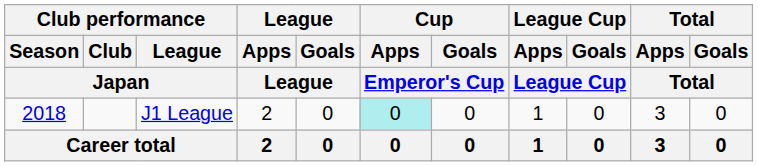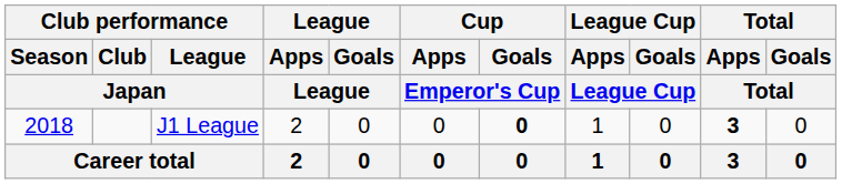 <table class="wikitable" style="text-align:center;">
 <tr>
 <th colspan=3>Club performance</th>
 <th colspan=2>League</th>
 <th colspan=2>Cup</th>
 <th colspan=2>League Cup</th>
 <th colspan=2>Total</th>
 </tr>
 <tr>
 <th>Season</th>
 <th>Club</th>
 <th>League</th>
 <th>Apps</th>
 <th>Goals</th>
 <th>Apps</th>
 <th>Goals</th>
 <th>Apps</th>
 <th>Goals</th>
 <th>Apps</th>
 <th>Goals</th>
 </tr>
 <tr>
 <th colspan=3>Japan</th>
 <th colspan=2>League</th>
 <th colspan=2><a href='#'>Emperor's Cup</a></th>
 <th colspan=2><a href='#'>League Cup</a></th>
 <th colspan=2>Total</th>
 </tr>
 <tr>
 <td><a href='#'>2018</a></td>
 <td rowspan="1"></td>
 <td rowspan="1"><a href='#'>J1 League</a></td>
 <td>2</td>
 <td>0</td>
-<td style="background: paleturquoise;">0</td>
 <td>0</td>
+<td><strong>0</strong></td>
 <td>1</td>
 <td>0</td>
-<td>3</td>
+<td><strong>3</strong></td>
 <td>0</td>
 </tr>
 <tr>
 <th colspan=3>Career total</th>
 <th>2</th>
 <th>0</th>
 <th>0</th>
 <th>0</th>
 <th>1</th>
 <th>0</th>
 <th>3</th>
 <th>0</th>
 </tr>
 </table>
